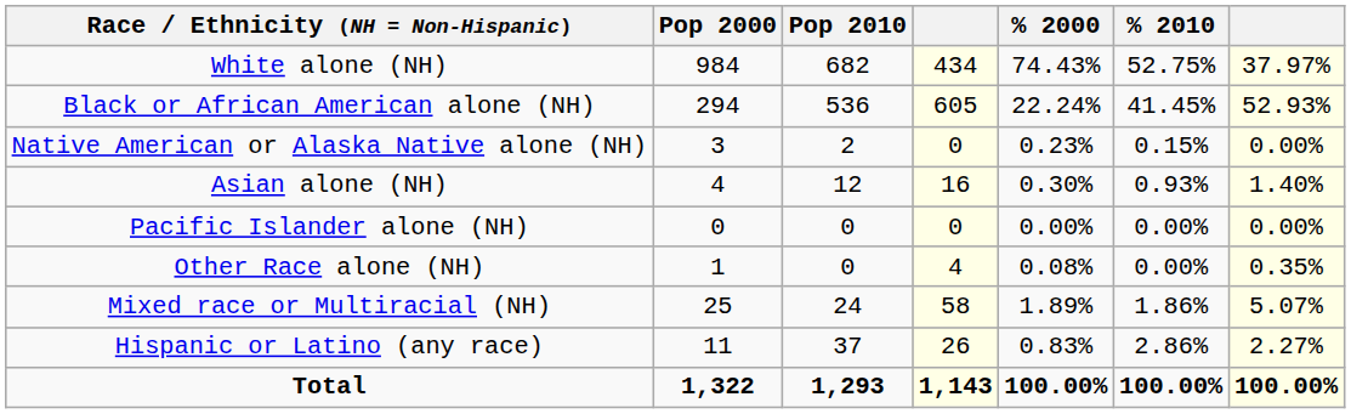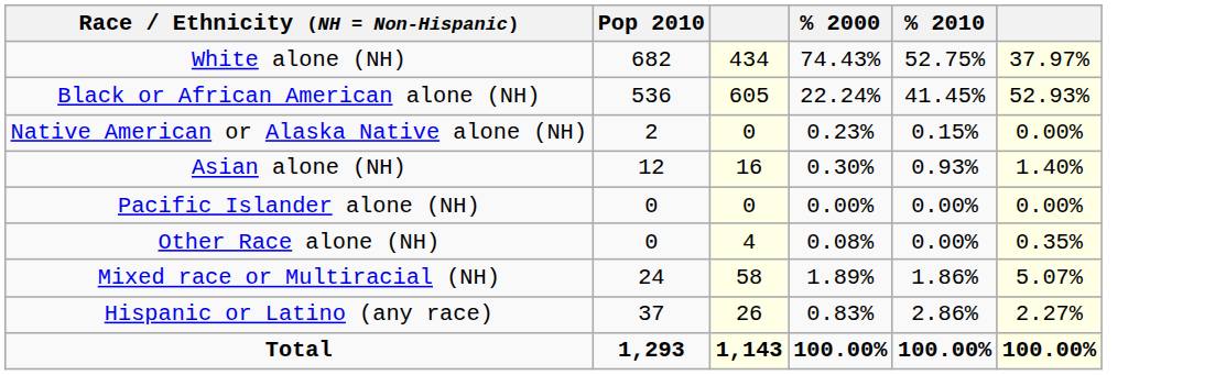 <table class="wikitable" style="text-align:center;">
 <tr>
 <th>Race / Ethnicity <small>(<em>NH = Non-Hispanic</em>)</small></th>
-<th>Pop 2000</th>
 <th>Pop 2010</th>
 <th></th>
 <th>% 2000</th>
 <th>% 2010</th>
 <th></th>
 </tr>
 <tr>
 <td><a href='#'>White</a> alone (NH)</td>
-<td>984</td>
 <td>682</td>
 <td style='background: #ffffe6;'>434</td>
 <td>74.43%</td>
 <td>52.75%</td>
 <td style='background: #ffffe6;'>37.97%</td>
 </tr>
 <tr>
 <td><a href='#'>Black or African American</a> alone (NH)</td>
-<td>294</td>
 <td>536</td>
 <td style='background: #ffffe6;'>605</td>
 <td>22.24%</td>
 <td>41.45%</td>
 <td style='background: #ffffe6;'>52.93%</td>
 </tr>
 <tr>
 <td><a href='#'>Native American</a> or <a href='#'>Alaska Native</a> alone (NH)</td>
-<td>3</td>
 <td>2</td>
 <td style='background: #ffffe6;'>0</td>
 <td>0.23%</td>
 <td>0.15%</td>
 <td style='background: #ffffe6;'>0.00%</td>
 </tr>
 <tr>
 <td><a href='#'>Asian</a> alone (NH)</td>
-<td>4</td>
 <td>12</td>
 <td style='background: #ffffe6;'>16</td>
 <td>0.30%</td>
 <td>0.93%</td>
 <td style='background: #ffffe6;'>1.40%</td>
 </tr>
 <tr>
 <td><a href='#'>Pacific Islander</a> alone (NH)</td>
 <td>0</td>
-<td>0</td>
 <td style='background: #ffffe6;'>0</td>
 <td>0.00%</td>
 <td>0.00%</td>
 <td style='background: #ffffe6;'>0.00%</td>
 </tr>
 <tr>
 <td><a href='#'>Other Race</a> alone (NH)</td>
-<td>1</td>
 <td>0</td>
 <td style='background: #ffffe6;'>4</td>
 <td>0.08%</td>
 <td>0.00%</td>
 <td style='background: #ffffe6;'>0.35%</td>
 </tr>
 <tr>
 <td><a href='#'>Mixed race or Multiracial</a> (NH)</td>
-<td>25</td>
 <td>24</td>
 <td style='background: #ffffe6;'>58</td>
 <td>1.89%</td>
 <td>1.86%</td>
 <td style='background: #ffffe6;'>5.07%</td>
 </tr>
 <tr>
 <td><a href='#'>Hispanic or Latino</a> (any race)</td>
-<td>11</td>
 <td>37</td>
 <td style='background: #ffffe6;'>26</td>
 <td>0.83%</td>
 <td>2.86%</td>
 <td style='background: #ffffe6;'>2.27%</td>
 </tr>
 <tr>
 <td><strong>Total</strong></td>
-<td><strong>1,322</strong></td>
 <td><strong>1,293</strong></td>
 <td style='background: #ffffe6;'><strong>1,143</strong></td>
 <td><strong>100.00%</strong></td>
 <td><strong>100.00%</strong></td>
 <td style='background: #ffffe6;'><strong>100.00%</strong></td>
 </tr>
 </table>
